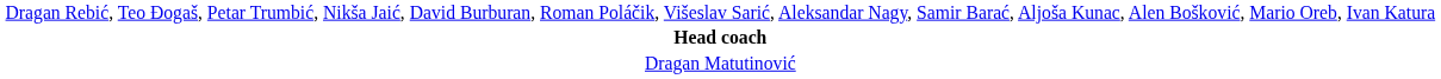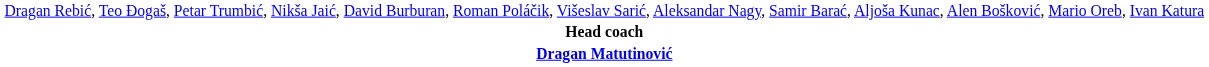 <table style="text-align: center; margin-top: 2em; margin-left: auto; margin-right: auto">
 <tr>
 <td><a href='#'>Dragan Rebić</a>, <a href='#'>Teo Đogaš</a>, <a href='#'>Petar Trumbić</a>, <a href='#'>Nikša Jaić</a>, <a href='#'>David Burburan</a>, <a href='#'>Roman Poláčik</a>, <a href='#'>Višeslav Sarić</a>, <a href='#'>Aleksandar Nagy</a>, <a href='#'>Samir Barać</a>, <a href='#'>Aljoša Kunac</a>, <a href='#'>Alen Bošković</a>, <a href='#'>Mario Oreb</a>, <a href='#'>Ivan Katura</a></td>
 </tr>
 <tr>
 <td><strong>Head coach</strong></td>
 </tr>
 <tr>
-<td><a href='#'>Dragan Matutinović</a></td>
+<td><strong><a href='#'>Dragan Matutinović</a></strong></td>
 </tr>
 </table>
